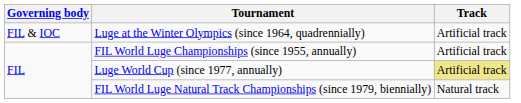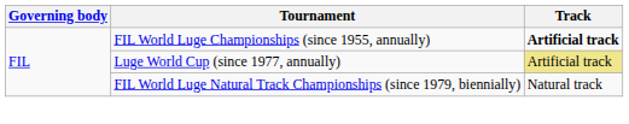 <table class="wikitable">
 <tr>
 <th><a href='#'>Governing body</a></th>
 <th>Tournament</th>
 <th>Track</th>
 </tr>
 <tr>
-<td><a href='#'>FIL</a> & <a href='#'>IOC</a></td>
-<td><a href='#'>Luge at the Winter Olympics</a> (since 1964, quadrennially)</td>
-<td>Artificial track</td>
-</tr>
-<tr>
 <td rowspan="3"><a href='#'>FIL</a></td>
 <td><a href='#'>FIL World Luge Championships</a> (since 1955, annually)</td>
-<td>Artificial track</td>
+<td><strong>Artificial track</strong></td>
 </tr>
 <tr>
 <td><a href='#'>Luge World Cup</a> (since 1977, annually)</td>
 <td style="background: khaki;">Artificial track</td>
 </tr>
 <tr>
 <td><a href='#'>FIL World Luge Natural Track Championships</a> (since 1979, biennially)</td>
 <td>Natural track</td>
 </tr>
 </table>
